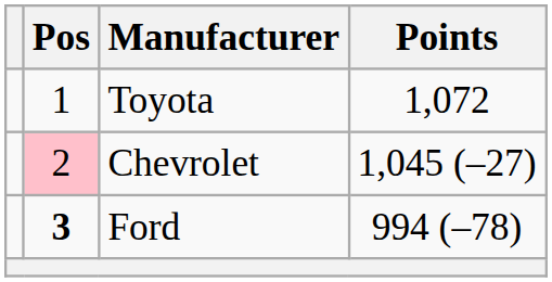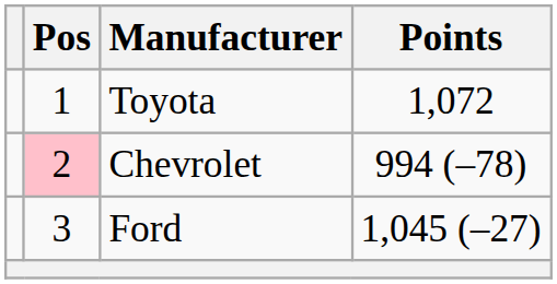 <table class="wikitable" style="font-size: 95%;">
 <tr>
 <th></th>
 <th>Pos</th>
 <th>Manufacturer</th>
 <th>Points</th>
 </tr>
 <tr>
 <td align="left"></td>
 <td style="text-align:center;">1</td>
 <td>Toyota</td>
 <td style="text-align:center;">1,072</td>
 </tr>
 <tr>
 <td align="left"></td>
 <td style="background: pink; text-align:center;">2</td>
 <td>Chevrolet</td>
-<td style="text-align:center;">1,045 (–27)</td>
+<td style="text-align:center;">994 (–78)</td>
 </tr>
 <tr>
 <td align="left"></td>
-<td style="text-align:center;"><strong>3</strong></td>
+<td style="text-align:center;">3</td>
 <td>Ford</td>
-<td style="text-align:center;">994 (–78)</td>
+<td style="text-align:center;">1,045 (–27)</td>
 </tr>
 <tr class="sortbottom">
 <th colspan="9"></th>
 </tr>
 </table>
